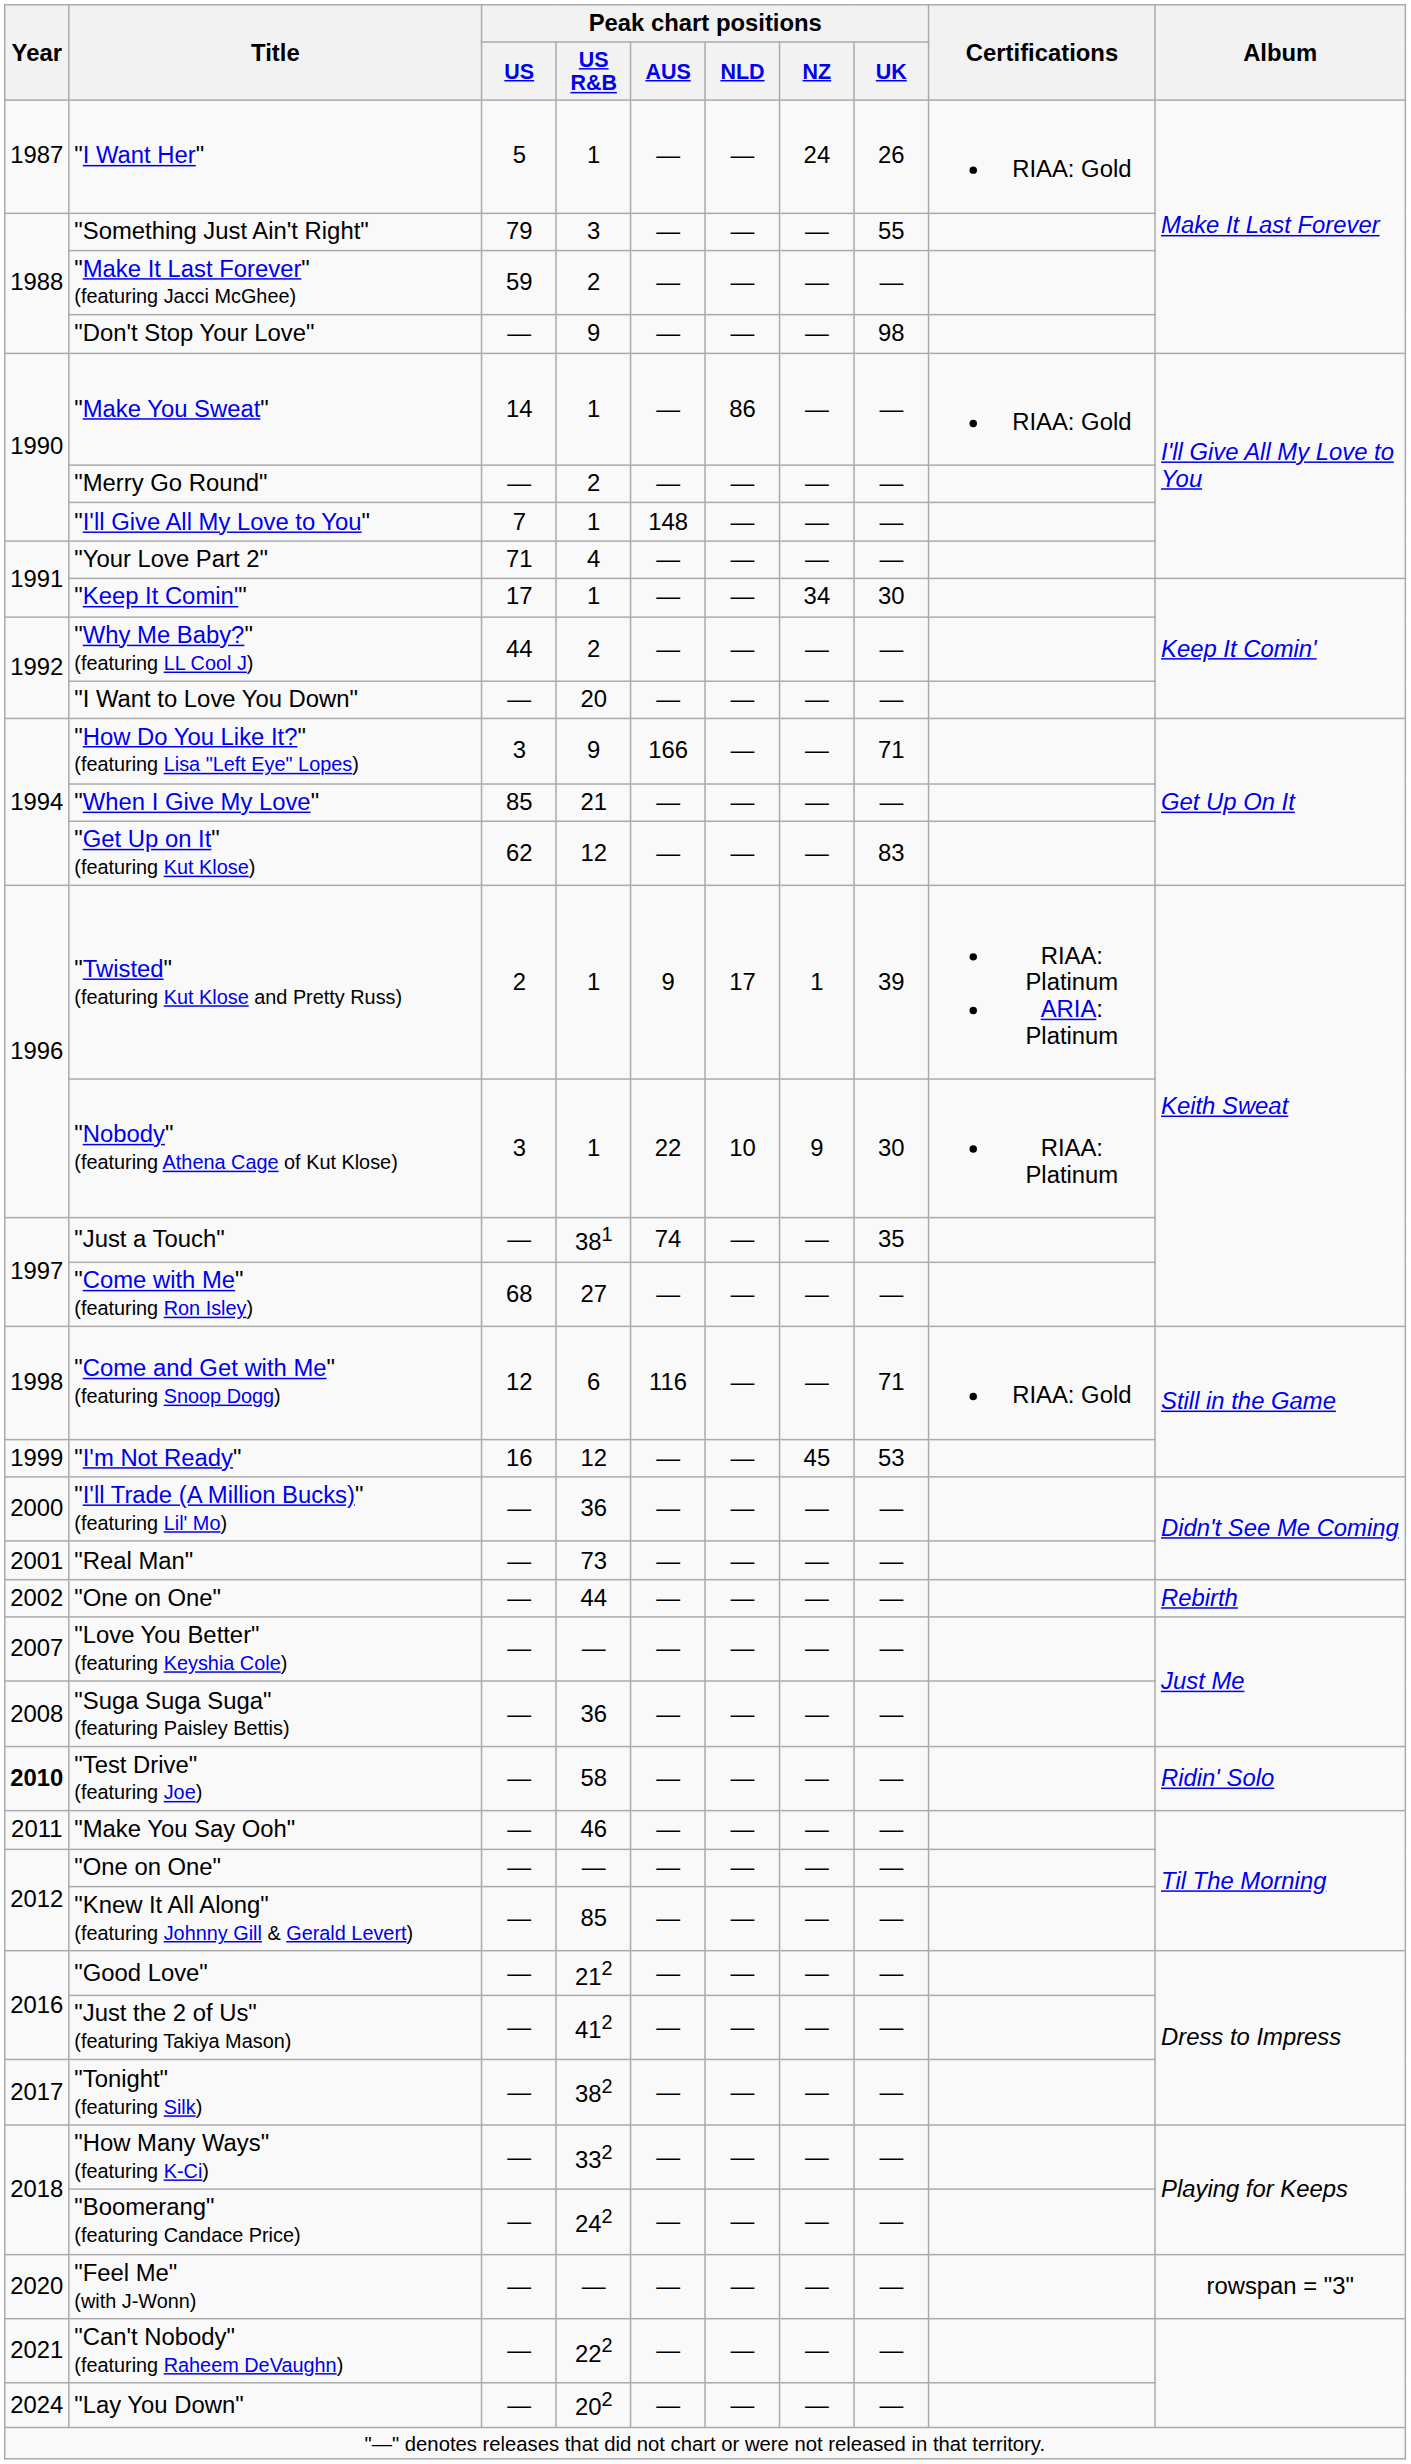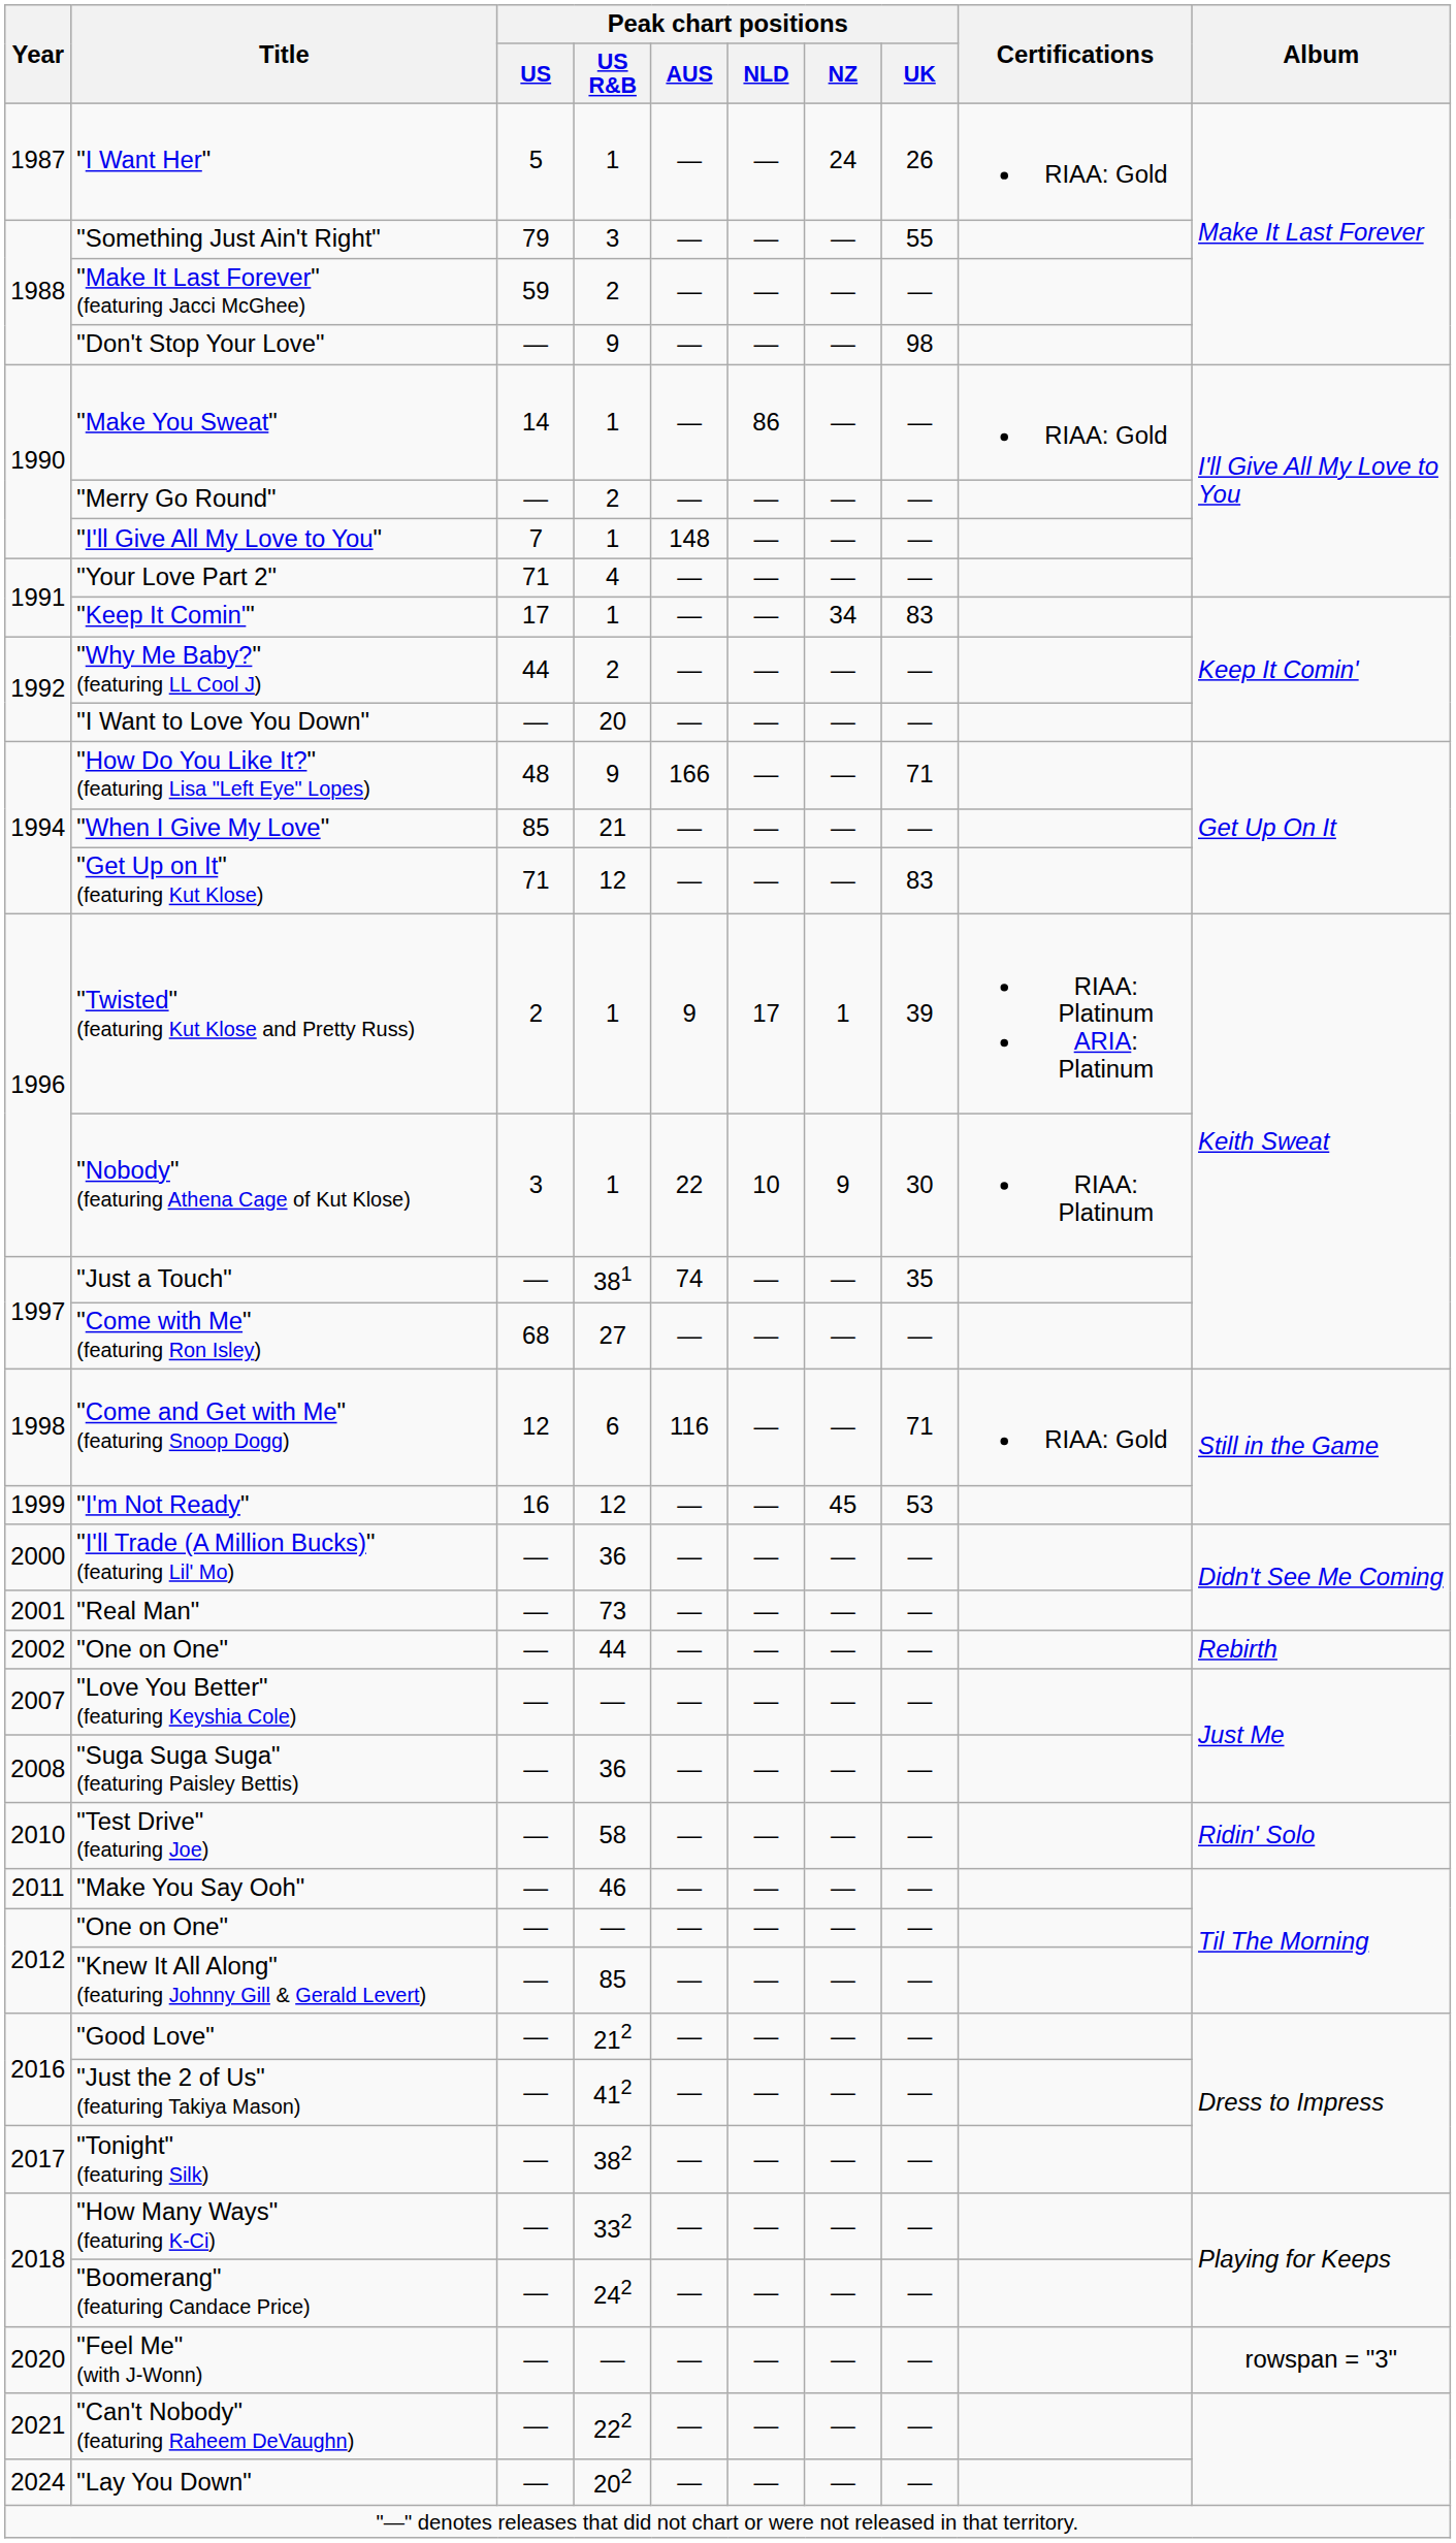 <table class="wikitable" style="text-align:center;">
 <tr>
 <th scope="col" rowspan="2">Year</th>
 <th scope="col" rowspan="2" style="width:270px;">Title</th>
 <th scope="col" colspan="6">Peak chart positions</th>
 <th scope="col" rowspan="2" style="width:145px;">Certifications</th>
 <th scope="col" rowspan="2" style="width:160px;">Album</th>
 </tr>
 <tr>
 <th scope="col" style="width:3em;font-size:90%;"><a href='#'>US</a><br></th>
 <th scope="col" style="width:3em;font-size:90%;"><a href='#'>US<br>R&B</a><br></th>
 <th scope="col" style="width:3em;font-size:90%;"><a href='#'>AUS</a><br></th>
 <th scope="col" style="width:3em;font-size:90%;"><a href='#'>NLD</a><br></th>
 <th scope="col" style="width:3em;font-size:90%;"><a href='#'>NZ</a><br></th>
 <th scope="rcol" style="width:3em;font-size:90%"><a href='#'>UK</a><br></th>
 </tr>
 <tr>
 <td>1987</td>
 <td style="text-align:left;">"<a href='#'>I Want Her</a>"</td>
 <td>5</td>
 <td>1</td>
 <td>—</td>
 <td>—</td>
 <td>24</td>
 <td>26</td>
 <td><br><ul><li>RIAA: Gold</li></ul></td>
 <td style="text-align:left;" rowspan="4"><em><a href='#'>Make It Last Forever</a></em></td>
 </tr>
 <tr>
 <td rowspan="3">1988</td>
 <td style="text-align:left;">"Something Just Ain't Right"</td>
 <td>79</td>
 <td>3</td>
 <td>—</td>
 <td>—</td>
 <td>—</td>
 <td>55</td>
 <td></td>
 </tr>
 <tr>
 <td style="text-align:left;">"<a href='#'>Make It Last Forever</a>"<br><small>(featuring Jacci McGhee)</small></td>
 <td>59</td>
 <td>2</td>
 <td>—</td>
 <td>—</td>
 <td>—</td>
 <td>—</td>
 <td></td>
 </tr>
 <tr>
 <td style="text-align:left;">"Don't Stop Your Love"</td>
 <td>—</td>
 <td>9</td>
 <td>—</td>
 <td>—</td>
 <td>—</td>
 <td>98</td>
 <td></td>
 </tr>
 <tr>
 <td rowspan="3">1990</td>
 <td style="text-align:left;">"<a href='#'>Make You Sweat</a>"</td>
 <td>14</td>
 <td>1</td>
 <td>—</td>
 <td>86</td>
 <td>—</td>
 <td>—</td>
 <td><br><ul><li>RIAA: Gold</li></ul></td>
 <td style="text-align:left;" rowspan="4"><em><a href='#'>I'll Give All My Love to You</a></em></td>
 </tr>
 <tr>
 <td style="text-align:left;">"Merry Go Round"</td>
 <td>—</td>
 <td>2</td>
 <td>—</td>
 <td>—</td>
 <td>—</td>
 <td>—</td>
 <td></td>
 </tr>
 <tr>
 <td style="text-align:left;">"<a href='#'>I'll Give All My Love to You</a>"</td>
 <td>7</td>
 <td>1</td>
 <td>148</td>
 <td>—</td>
 <td>—</td>
 <td>—</td>
 <td></td>
 </tr>
 <tr>
 <td rowspan="2">1991</td>
 <td style="text-align:left;">"Your Love Part 2"</td>
 <td>71</td>
 <td>4</td>
 <td>—</td>
 <td>—</td>
 <td>—</td>
 <td>—</td>
 <td></td>
 </tr>
 <tr>
 <td style="text-align:left;">"<a href='#'>Keep It Comin'</a>"</td>
 <td>17</td>
 <td>1</td>
 <td>—</td>
 <td>—</td>
 <td>34</td>
-<td>30</td>
+<td>83</td>
 <td></td>
 <td style="text-align:left;" rowspan="3"><em><a href='#'>Keep It Comin'</a></em></td>
 </tr>
 <tr>
 <td rowspan="2">1992</td>
 <td style="text-align:left;">"<a href='#'>Why Me Baby?</a>"<br><small>(featuring <a href='#'>LL Cool J</a>)</small></td>
 <td>44</td>
 <td>2</td>
 <td>—</td>
 <td>—</td>
 <td>—</td>
 <td>—</td>
 <td></td>
 </tr>
 <tr>
 <td style="text-align:left;">"I Want to Love You Down"</td>
 <td>—</td>
 <td>20</td>
 <td>—</td>
 <td>—</td>
 <td>—</td>
 <td>—</td>
 <td></td>
 </tr>
 <tr>
 <td rowspan="3">1994</td>
 <td style="text-align:left;">"<a href='#'>How Do You Like It?</a>"<br><small>(featuring <a href='#'>Lisa "Left Eye" Lopes</a>)</small></td>
-<td>3</td>
+<td>48</td>
 <td>9</td>
 <td>166</td>
 <td>—</td>
 <td>—</td>
 <td>71</td>
 <td></td>
 <td style="text-align:left;" rowspan="3"><em><a href='#'>Get Up On It</a></em></td>
 </tr>
 <tr>
 <td style="text-align:left;">"<a href='#'>When I Give My Love</a>"</td>
 <td>85</td>
 <td>21</td>
 <td>—</td>
 <td>—</td>
 <td>—</td>
 <td>—</td>
 <td></td>
 </tr>
 <tr>
 <td style="text-align:left;">"<a href='#'>Get Up on It</a>"<br><small>(featuring <a href='#'>Kut Klose</a>)</small></td>
-<td>62</td>
+<td>71</td>
 <td>12</td>
 <td>—</td>
 <td>—</td>
 <td>—</td>
 <td>83</td>
 <td></td>
 </tr>
 <tr>
 <td rowspan="2">1996</td>
 <td style="text-align:left;">"<a href='#'>Twisted</a>"<br><small>(featuring <a href='#'>Kut Klose</a> and Pretty Russ)</small></td>
 <td>2</td>
 <td>1</td>
 <td>9</td>
 <td>17</td>
 <td>1</td>
 <td>39</td>
 <td><br><ul><li>RIAA: Platinum</li><li><a href='#'>ARIA</a>: Platinum</li></ul></td>
 <td style="text-align:left;" rowspan="4"><em><a href='#'>Keith Sweat</a></em></td>
 </tr>
 <tr>
 <td style="text-align:left;">"<a href='#'>Nobody</a>"<br><small>(featuring <a href='#'>Athena Cage</a> of Kut Klose)</small></td>
 <td>3</td>
 <td>1</td>
 <td>22</td>
 <td>10</td>
 <td>9</td>
 <td>30</td>
 <td><br><ul><li>RIAA: Platinum</li></ul></td>
 </tr>
 <tr>
 <td rowspan="2">1997</td>
 <td style="text-align:left;">"Just a Touch"</td>
 <td>—</td>
 <td>38<sup>1</sup></td>
 <td>74</td>
 <td>—</td>
 <td>—</td>
 <td>35</td>
 <td></td>
 </tr>
 <tr>
 <td style="text-align:left;">"<a href='#'>Come with Me</a>"<br><small>(featuring <a href='#'>Ron Isley</a>)</small></td>
 <td>68</td>
 <td>27</td>
 <td>—</td>
 <td>—</td>
 <td>—</td>
 <td>—</td>
 <td></td>
 </tr>
 <tr>
 <td>1998</td>
 <td style="text-align:left;">"<a href='#'>Come and Get with Me</a>"<br><small>(featuring <a href='#'>Snoop Dogg</a>)</small></td>
 <td>12</td>
 <td>6</td>
 <td>116</td>
 <td>—</td>
 <td>—</td>
 <td>71</td>
 <td><br><ul><li>RIAA: Gold</li></ul></td>
 <td style="text-align:left;" rowspan="2"><em><a href='#'>Still in the Game</a></em></td>
 </tr>
 <tr>
 <td>1999</td>
 <td style="text-align:left;">"<a href='#'>I'm Not Ready</a>"</td>
 <td>16</td>
 <td>12</td>
 <td>—</td>
 <td>—</td>
 <td>45</td>
 <td>53</td>
 <td></td>
 </tr>
 <tr>
 <td>2000</td>
 <td style="text-align:left;">"<a href='#'>I'll Trade (A Million Bucks)</a>"<br><small>(featuring <a href='#'>Lil' Mo</a>)</small></td>
 <td>—</td>
 <td>36</td>
 <td>—</td>
 <td>—</td>
 <td>—</td>
 <td>—</td>
 <td></td>
 <td style="text-align:left;" rowspan="2"><em><a href='#'>Didn't See Me Coming</a></em></td>
 </tr>
 <tr>
 <td>2001</td>
 <td style="text-align:left;">"Real Man"</td>
 <td>—</td>
 <td>73</td>
 <td>—</td>
 <td>—</td>
 <td>—</td>
 <td>—</td>
 <td></td>
 </tr>
 <tr>
 <td>2002</td>
 <td style="text-align:left;">"One on One"</td>
 <td>—</td>
 <td>44</td>
 <td>—</td>
 <td>—</td>
 <td>—</td>
 <td>—</td>
 <td></td>
 <td style="text-align:left;"><em><a href='#'>Rebirth</a></em></td>
 </tr>
 <tr>
 <td>2007</td>
 <td style="text-align:left;">"Love You Better"<br><small>(featuring <a href='#'>Keyshia Cole</a>)</small></td>
 <td>—</td>
 <td>—</td>
 <td>—</td>
 <td>—</td>
 <td>—</td>
 <td>—</td>
 <td></td>
 <td style="text-align:left;" rowspan="2"><em><a href='#'>Just Me</a></em></td>
 </tr>
 <tr>
 <td>2008</td>
 <td style="text-align:left;">"Suga Suga Suga"<br><small>(featuring Paisley Bettis)</small></td>
 <td>—</td>
 <td>36</td>
 <td>—</td>
 <td>—</td>
 <td>—</td>
 <td>—</td>
 <td></td>
 </tr>
 <tr>
-<td><strong>2010</strong></td>
+<td>2010</td>
 <td style="text-align:left;">"Test Drive"<br><small>(featuring <a href='#'>Joe</a>)</small></td>
 <td>—</td>
 <td>58</td>
 <td>—</td>
 <td>—</td>
 <td>—</td>
 <td>—</td>
 <td></td>
 <td style="text-align:left;"><em><a href='#'>Ridin' Solo</a></em></td>
 </tr>
 <tr>
 <td>2011</td>
 <td style="text-align:left;">"Make You Say Ooh"</td>
 <td>—</td>
 <td>46</td>
 <td>—</td>
 <td>—</td>
 <td>—</td>
 <td>—</td>
 <td></td>
 <td style="text-align:left;" rowspan="3"><em><a href='#'>Til The Morning</a></em></td>
 </tr>
 <tr>
 <td rowspan="2">2012</td>
 <td style="text-align:left;">"One on One"</td>
 <td>—</td>
 <td>—</td>
 <td>—</td>
 <td>—</td>
 <td>—</td>
 <td>—</td>
 <td></td>
 </tr>
 <tr>
 <td style="text-align:left;">"Knew It All Along"<br><small>(featuring <a href='#'>Johnny Gill</a> & <a href='#'>Gerald Levert</a>)</small></td>
 <td>—</td>
 <td>85</td>
 <td>—</td>
 <td>—</td>
 <td>—</td>
 <td>—</td>
 <td></td>
 </tr>
 <tr>
 <td rowspan="2">2016</td>
 <td style="text-align:left;">"Good Love"</td>
 <td>—</td>
 <td>21<sup>2</sup></td>
 <td>—</td>
 <td>—</td>
 <td>—</td>
 <td>—</td>
 <td></td>
 <td style="text-align:left;" rowspan="3"><em>Dress to Impress</em></td>
 </tr>
 <tr>
 <td style="text-align:left;">"Just the 2 of Us" <br><small>(featuring Takiya Mason)</small></td>
 <td>—</td>
 <td>41<sup>2</sup></td>
 <td>—</td>
 <td>—</td>
 <td>—</td>
 <td>—</td>
 <td></td>
 </tr>
 <tr>
 <td>2017</td>
 <td style="text-align:left;">"Tonight" <br><small>(featuring <a href='#'>Silk</a>)</small></td>
 <td>—</td>
 <td>38<sup>2</sup></td>
 <td>—</td>
 <td>—</td>
 <td>—</td>
 <td>—</td>
 <td></td>
 </tr>
 <tr>
 <td rowspan="2">2018</td>
 <td style="text-align:left;">"How Many Ways" <br><small>(featuring <a href='#'>K-Ci</a>)</small></td>
 <td>—</td>
 <td>33<sup>2</sup></td>
 <td>—</td>
 <td>—</td>
 <td>—</td>
 <td>—</td>
 <td></td>
 <td style="text-align:left;" rowspan="2"><em>Playing for Keeps</em></td>
 </tr>
 <tr>
 <td style="text-align:left;">"Boomerang" <br><small>(featuring Candace Price)</small></td>
 <td>—</td>
 <td>24<sup>2</sup></td>
 <td>—</td>
 <td>—</td>
 <td>—</td>
 <td>—</td>
 <td></td>
 </tr>
 <tr>
 <td>2020</td>
 <td style="text-align:left;">"Feel Me" <br><small>(with J-Wonn)</small></td>
 <td>—</td>
 <td>—</td>
 <td>—</td>
 <td>—</td>
 <td>—</td>
 <td>—</td>
 <td></td>
 <td>rowspan = "3" </td>
 </tr>
 <tr>
 <td>2021</td>
 <td style="text-align:left;">"Can't Nobody" <br><small>(featuring <a href='#'>Raheem DeVaughn</a>)</small></td>
 <td>—</td>
 <td>22<sup>2</sup></td>
 <td>—</td>
 <td>—</td>
 <td>—</td>
 <td>—</td>
 <td></td>
 </tr>
 <tr>
 <td>2024</td>
 <td style="text-align:left;">"Lay You Down"</td>
 <td>—</td>
 <td>20<sup>2</sup></td>
 <td>—</td>
 <td>—</td>
 <td>—</td>
 <td>—</td>
 <td></td>
 </tr>
 <tr>
 <td colspan="10" style="font-size:85%;">"—" denotes releases that did not chart or were not released in that territory.</td>
 </tr>
 </table>
